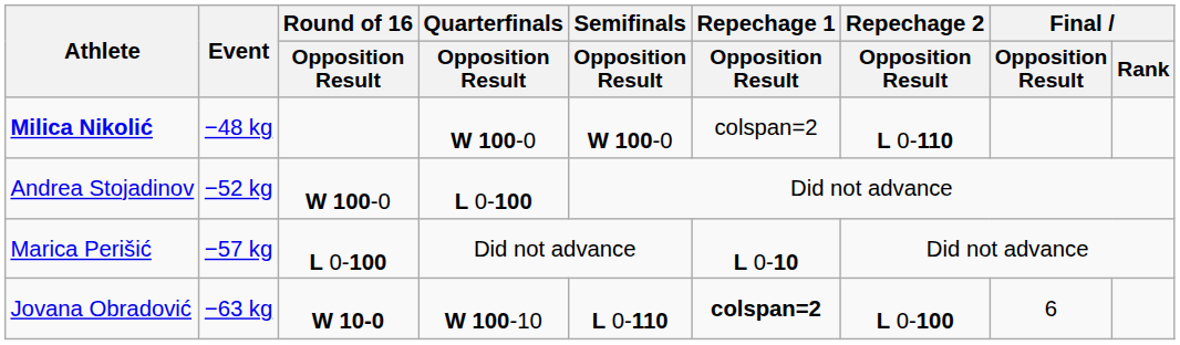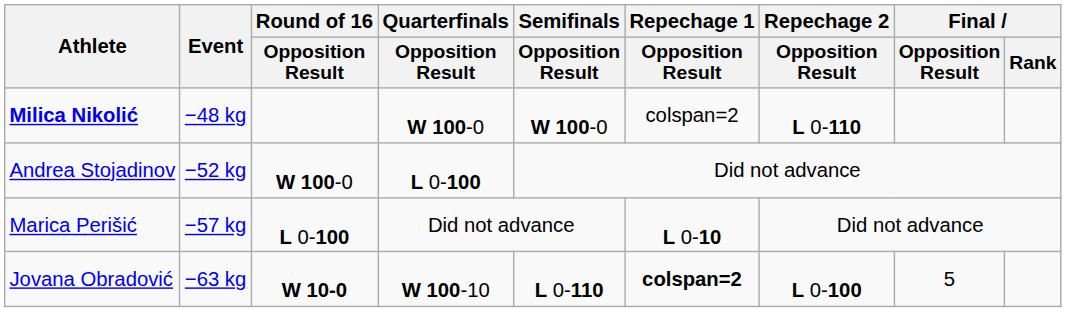 <table class="wikitable" style="font-size:90%">
 <tr>
 <th rowspan="2">Athlete</th>
 <th rowspan="2">Event</th>
 <th>Round of 16</th>
 <th>Quarterfinals</th>
 <th>Semifinals</th>
 <th>Repechage 1</th>
 <th>Repechage 2</th>
 <th colspan=2>Final / </th>
 </tr>
 <tr style="font-size:95%">
 <th>Opposition<br>Result</th>
 <th>Opposition<br>Result</th>
 <th>Opposition<br>Result</th>
 <th>Opposition<br>Result</th>
 <th>Opposition<br>Result</th>
 <th>Opposition<br>Result</th>
 <th>Rank</th>
 </tr>
 <tr align=center>
 <td align=left><strong><a href='#'>Milica Nikolić</a></strong></td>
 <td align=left><a href='#'>−48 kg</a></td>
 <td></td>
 <td><br><strong>W</strong> <strong>100</strong>-0</td>
 <td><br><strong>W</strong> <strong>100</strong>-0</td>
 <td>colspan=2</td>
 <td><br><strong>L</strong> 0-<strong>110</strong></td>
 <td></td>
 </tr>
 <tr align=center>
 <td align=left><a href='#'>Andrea Stojadinov</a></td>
 <td align=left><a href='#'>−52 kg</a></td>
 <td><br><strong>W</strong> <strong>100</strong>-0</td>
 <td><br><strong>L</strong> 0-<strong>100</strong></td>
 <td colspan=5>Did not advance</td>
 </tr>
 <tr align=center>
 <td align=left><a href='#'>Marica Perišić</a></td>
 <td align=left><a href='#'>−57 kg</a></td>
 <td><br><strong>L</strong> 0-<strong>100</strong></td>
 <td colspan=2>Did not advance</td>
 <td><br><strong>L</strong> 0-<strong>10</strong></td>
 <td colspan=3>Did not advance</td>
 </tr>
 <tr align=center>
 <td align=left><a href='#'>Jovana Obradović</a></td>
 <td align=left><a href='#'>−63 kg</a></td>
 <td><br><strong>W</strong> <strong>10-0</strong></td>
 <td><br><strong>W</strong> <strong>100</strong>-10</td>
 <td><br><strong>L</strong> 0-<strong>110</strong></td>
 <td><strong>colspan=2</strong></td>
 <td><br><strong>L</strong> 0-<strong>100</strong></td>
-<td>6</td>
+<td>5</td>
 </tr>
 </table>
